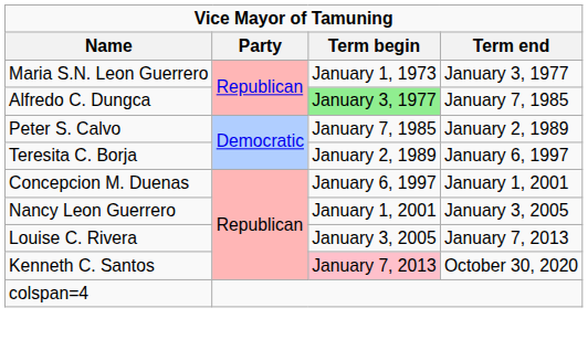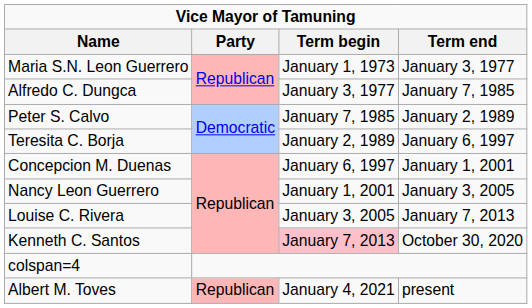 <table class="wikitable">
 <tr>
 <td colspan="4" align=center><strong>Vice Mayor of Tamuning</strong></td>
 </tr>
 <tr>
 <th>Name</th>
 <th>Party</th>
 <th>Term begin</th>
 <th>Term end</th>
 </tr>
 <tr>
 <td>Maria S.N. Leon Guerrero</td>
 <td style="background-color: #FFB6B6"; rowspan="2"><a href='#'>Republican</a></td>
 <td>January 1, 1973</td>
 <td>January 3, 1977</td>
 </tr>
 <tr>
 <td>Alfredo C. Dungca</td>
-<td style="background: lightgreen;">January 3, 1977</td>
+<td>January 3, 1977</td>
 <td>January 7, 1985</td>
 </tr>
 <tr>
 <td>Peter S. Calvo</td>
 <td style="background-color: #B0CEFF"; rowspan="2"><a href='#'>Democratic</a></td>
 <td>January 7, 1985</td>
 <td>January 2, 1989</td>
 </tr>
 <tr>
 <td>Teresita C. Borja</td>
 <td>January 2, 1989</td>
 <td>January 6, 1997</td>
 </tr>
 <tr>
 <td>Concepcion M. Duenas</td>
 <td style="background-color: #FFB6B6"; rowspan="4">Republican</td>
 <td>January 6, 1997</td>
 <td>January 1, 2001</td>
 </tr>
 <tr>
 <td>Nancy Leon Guerrero</td>
 <td>January 1, 2001</td>
 <td>January 3, 2005</td>
 </tr>
 <tr>
 <td>Louise C. Rivera</td>
 <td>January 3, 2005</td>
 <td>January 7, 2013</td>
 </tr>
 <tr>
 <td>Kenneth C. Santos</td>
 <td style="background: pink;">January 7, 2013</td>
 <td>October 30, 2020</td>
 </tr>
 <tr>
 <td>colspan=4 </td>
 </tr>
+<tr>
+<td>Albert M. Toves</td>
+<td style="background-color: #FFB6B6";>Republican</td>
+<td>January 4, 2021</td>
+<td>present</td>
+</tr>
 </table>
